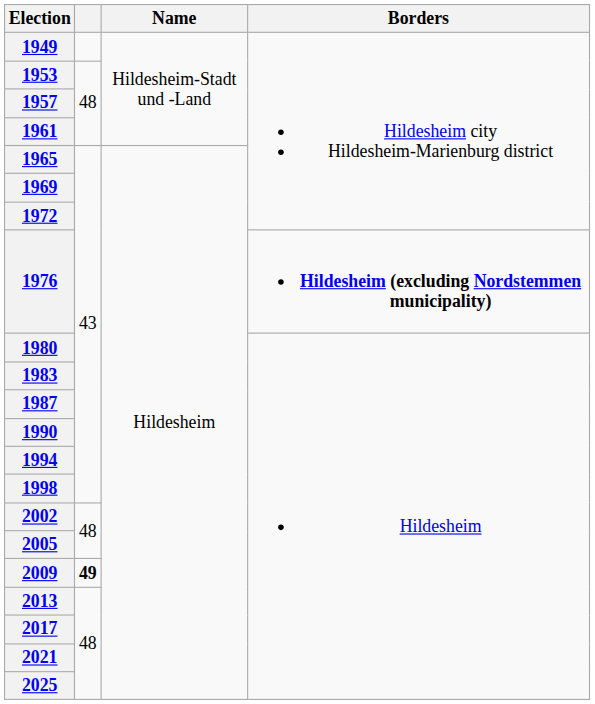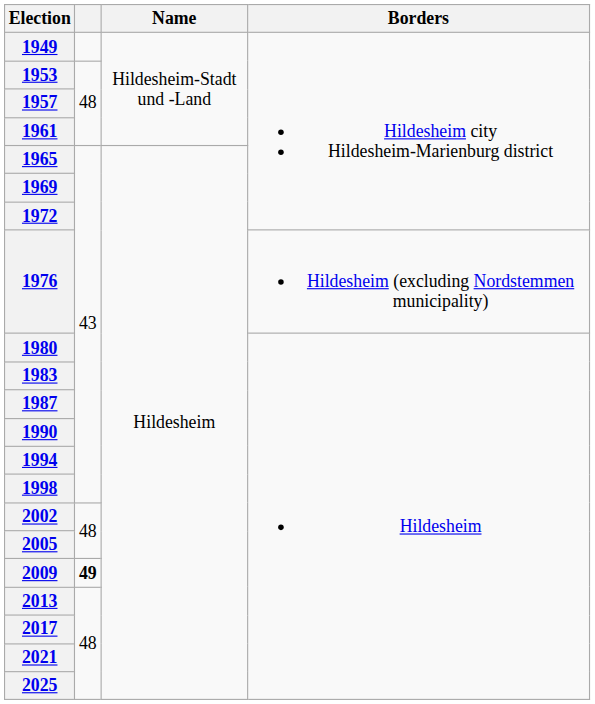 <table class=wikitable style="text-align:center">
 <tr>
 <th>Election</th>
 <th></th>
 <th width=125px>Name</th>
 <th width=300px>Borders</th>
 </tr>
 <tr>
 <th><a href='#'>1949</a></th>
 <td></td>
 <td rowspan=4>Hildesheim-Stadt und -Land</td>
 <td rowspan=7><br><ul><li><a href='#'>Hildesheim</a> city</li><li>Hildesheim-Marienburg district</li></ul></td>
 </tr>
 <tr>
 <th><a href='#'>1953</a></th>
 <td rowspan=3>48</td>
 </tr>
 <tr>
 <th><a href='#'>1957</a></th>
 </tr>
 <tr>
 <th><a href='#'>1961</a></th>
 </tr>
 <tr>
 <th><a href='#'>1965</a></th>
 <td rowspan=10>43</td>
 <td rowspan=17>Hildesheim</td>
 </tr>
 <tr>
 <th><a href='#'>1969</a></th>
 </tr>
 <tr>
 <th><a href='#'>1972</a></th>
 </tr>
 <tr>
 <th><a href='#'>1976</a></th>
-<td><strong><br><ul><li><a href='#'>Hildesheim</a> (excluding <a href='#'>Nordstemmen</a> municipality)</li></ul></strong></td>
+<td><br><ul><li><a href='#'>Hildesheim</a> (excluding <a href='#'>Nordstemmen</a> municipality)</li></ul></td>
 </tr>
 <tr>
 <th><a href='#'>1980</a></th>
 <td rowspan=13><br><ul><li><a href='#'>Hildesheim</a></li></ul></td>
 </tr>
 <tr>
 <th><a href='#'>1983</a></th>
 </tr>
 <tr>
 <th><a href='#'>1987</a></th>
 </tr>
 <tr>
 <th><a href='#'>1990</a></th>
 </tr>
 <tr>
 <th><a href='#'>1994</a></th>
 </tr>
 <tr>
 <th><a href='#'>1998</a></th>
 </tr>
 <tr>
 <th><a href='#'>2002</a></th>
 <td rowspan=2>48</td>
 </tr>
 <tr>
 <th><a href='#'>2005</a></th>
 </tr>
 <tr>
 <th><a href='#'>2009</a></th>
 <td><strong>49</strong></td>
 </tr>
 <tr>
 <th><a href='#'>2013</a></th>
 <td rowspan=4>48</td>
 </tr>
 <tr>
 <th><a href='#'>2017</a></th>
 </tr>
 <tr>
 <th><a href='#'>2021</a></th>
 </tr>
 <tr>
 <th><a href='#'>2025</a></th>
 </tr>
 </table>
